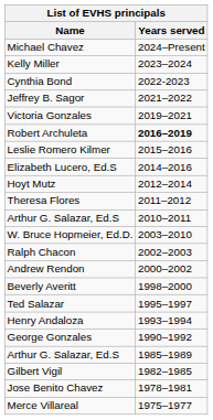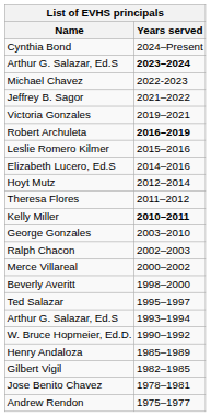 <table class="wikitable collapsible collapsed">
 <tr>
 <th colspan = "2">List of EVHS principals</th>
 </tr>
 <tr>
 <th>Name</th>
 <th>Years served</th>
 </tr>
 <tr>
-<td>Michael Chavez</td>
+<td>Cynthia Bond</td>
 <td>2024–Present</td>
 </tr>
 <tr>
-<td>Kelly Miller</td>
-<td>2023–2024</td>
+<td>Arthur G. Salazar, Ed.S</td>
+<td><strong>2023–2024</strong></td>
 </tr>
 <tr>
-<td>Cynthia Bond</td>
+<td>Michael Chavez</td>
 <td>2022-2023</td>
 </tr>
 <tr>
 <td>Jeffrey B. Sagor</td>
 <td>2021–2022</td>
 </tr>
 <tr>
 <td>Victoria Gonzales</td>
 <td>2019–2021</td>
 </tr>
 <tr>
 <td>Robert Archuleta</td>
 <td><strong>2016–2019</strong></td>
 </tr>
 <tr>
 <td>Leslie Romero Kilmer</td>
 <td>2015–2016</td>
 </tr>
 <tr>
 <td>Elizabeth Lucero, Ed.S</td>
 <td>2014–2016</td>
 </tr>
 <tr>
 <td>Hoyt Mutz</td>
 <td>2012–2014</td>
 </tr>
 <tr>
 <td>Theresa Flores</td>
 <td>2011–2012</td>
 </tr>
 <tr>
-<td>Arthur G. Salazar, Ed.S</td>
-<td>2010–2011</td>
+<td>Kelly Miller</td>
+<td><strong>2010–2011</strong></td>
 </tr>
 <tr>
-<td>W. Bruce Hopmeier, Ed.D.</td>
+<td>George Gonzales</td>
 <td>2003–2010</td>
 </tr>
 <tr>
 <td>Ralph Chacon</td>
 <td>2002–2003</td>
 </tr>
 <tr>
-<td>Andrew Rendon</td>
+<td>Merce Villareal</td>
 <td>2000–2002</td>
 </tr>
 <tr>
 <td>Beverly Averitt</td>
 <td>1998–2000</td>
 </tr>
 <tr>
 <td>Ted Salazar</td>
 <td>1995–1997</td>
 </tr>
 <tr>
-<td>Henry Andaloza</td>
+<td>Arthur G. Salazar, Ed.S</td>
 <td>1993–1994</td>
 </tr>
 <tr>
-<td>George Gonzales</td>
+<td>W. Bruce Hopmeier, Ed.D.</td>
 <td>1990–1992</td>
 </tr>
 <tr>
-<td>Arthur G. Salazar, Ed.S</td>
+<td>Henry Andaloza</td>
 <td>1985–1989</td>
 </tr>
 <tr>
 <td>Gilbert Vigil</td>
 <td>1982–1985</td>
 </tr>
 <tr>
 <td>Jose Benito Chavez</td>
 <td>1978–1981</td>
 </tr>
 <tr>
-<td>Merce Villareal</td>
+<td>Andrew Rendon</td>
 <td>1975–1977</td>
 </tr>
 </table>
